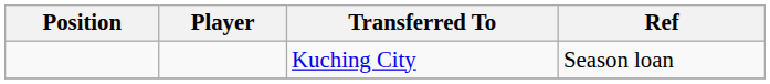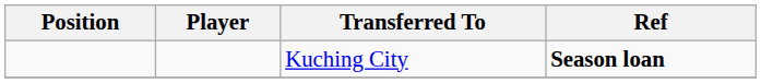 <table class="wikitable sortable" style="width:60%; font-size:100%; text-align:left;">
 <tr>
 <th>Position</th>
 <th>Player</th>
 <th>Transferred To</th>
 <th>Ref</th>
 </tr>
 <tr>
 <td></td>
 <td></td>
 <td> <a href='#'>Kuching City</a></td>
-<td>Season loan</td>
+<td><strong>Season loan</strong></td>
 </tr>
 <tr>
 </tr>
 </table>
